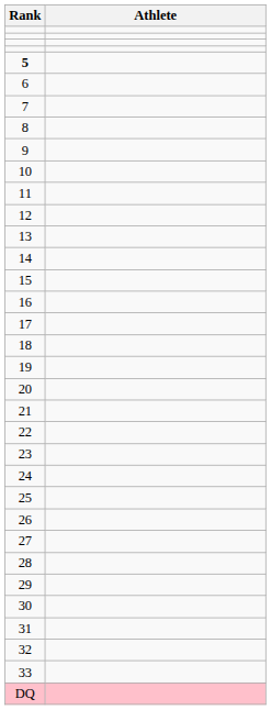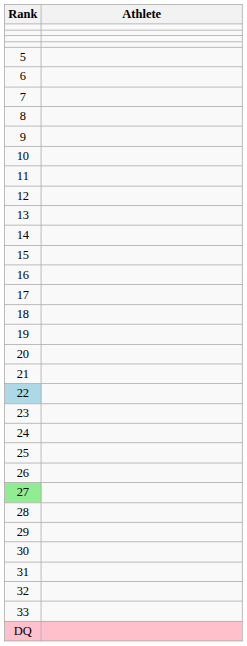 <table class="wikitable" style="text-align: center;">
 <tr>
 <th width=40>Rank</th>
 <th width=250>Athlete</th>
 </tr>
 <tr>
 <td></td>
 <td align="left"></td>
 </tr>
 <tr>
 <td></td>
 <td align="left"></td>
 </tr>
 <tr>
 <td></td>
 <td align="left"></td>
 </tr>
 <tr>
 <td></td>
 <td align="left"></td>
 </tr>
 <tr>
-<td><strong>5</strong></td>
+<td>5</td>
 <td align="left"></td>
 </tr>
 <tr>
 <td>6</td>
 <td align="left"></td>
 </tr>
 <tr>
 <td>7</td>
 <td align="left"></td>
 </tr>
 <tr>
 <td>8</td>
 <td align="left"></td>
 </tr>
 <tr>
 <td>9</td>
 <td align="left"></td>
 </tr>
 <tr>
 <td>10</td>
 <td align="left"></td>
 </tr>
 <tr>
 <td>11</td>
 <td align="left"></td>
 </tr>
 <tr>
 <td>12</td>
 <td align="left"></td>
 </tr>
 <tr>
 <td>13</td>
 <td align="left"></td>
 </tr>
 <tr>
 <td>14</td>
 <td align="left"></td>
 </tr>
 <tr>
 <td>15</td>
 <td align="left"></td>
 </tr>
 <tr>
 <td>16</td>
 <td align="left"></td>
 </tr>
 <tr>
 <td>17</td>
 <td align="left"></td>
 </tr>
 <tr>
 <td>18</td>
 <td align="left"></td>
 </tr>
 <tr>
 <td>19</td>
 <td align="left"></td>
 </tr>
 <tr>
 <td>20</td>
 <td align="left"></td>
 </tr>
 <tr>
 <td>21</td>
 <td align="left"></td>
 </tr>
 <tr>
-<td>22</td>
+<td style="background: lightblue;">22</td>
 <td align="left"></td>
 </tr>
 <tr>
 <td>23</td>
 <td align="left"></td>
 </tr>
 <tr>
 <td>24</td>
 <td align="left"></td>
 </tr>
 <tr>
 <td>25</td>
 <td align="left"></td>
 </tr>
 <tr>
 <td>26</td>
 <td align="left"></td>
 </tr>
 <tr>
-<td>27</td>
+<td style="background: lightgreen;">27</td>
 <td align="left"></td>
 </tr>
 <tr>
 <td>28</td>
 <td align="left"></td>
 </tr>
 <tr>
 <td>29</td>
 <td align="left"></td>
 </tr>
 <tr>
 <td>30</td>
 <td align="left"></td>
 </tr>
 <tr>
 <td>31</td>
 <td align="left"></td>
 </tr>
 <tr>
 <td>32</td>
 <td align="left"></td>
 </tr>
 <tr>
 <td>33</td>
 <td align="left"></td>
 </tr>
 <tr bgcolor=pink>
 <td>DQ</td>
 <td align="left"></td>
 </tr>
 </table>
